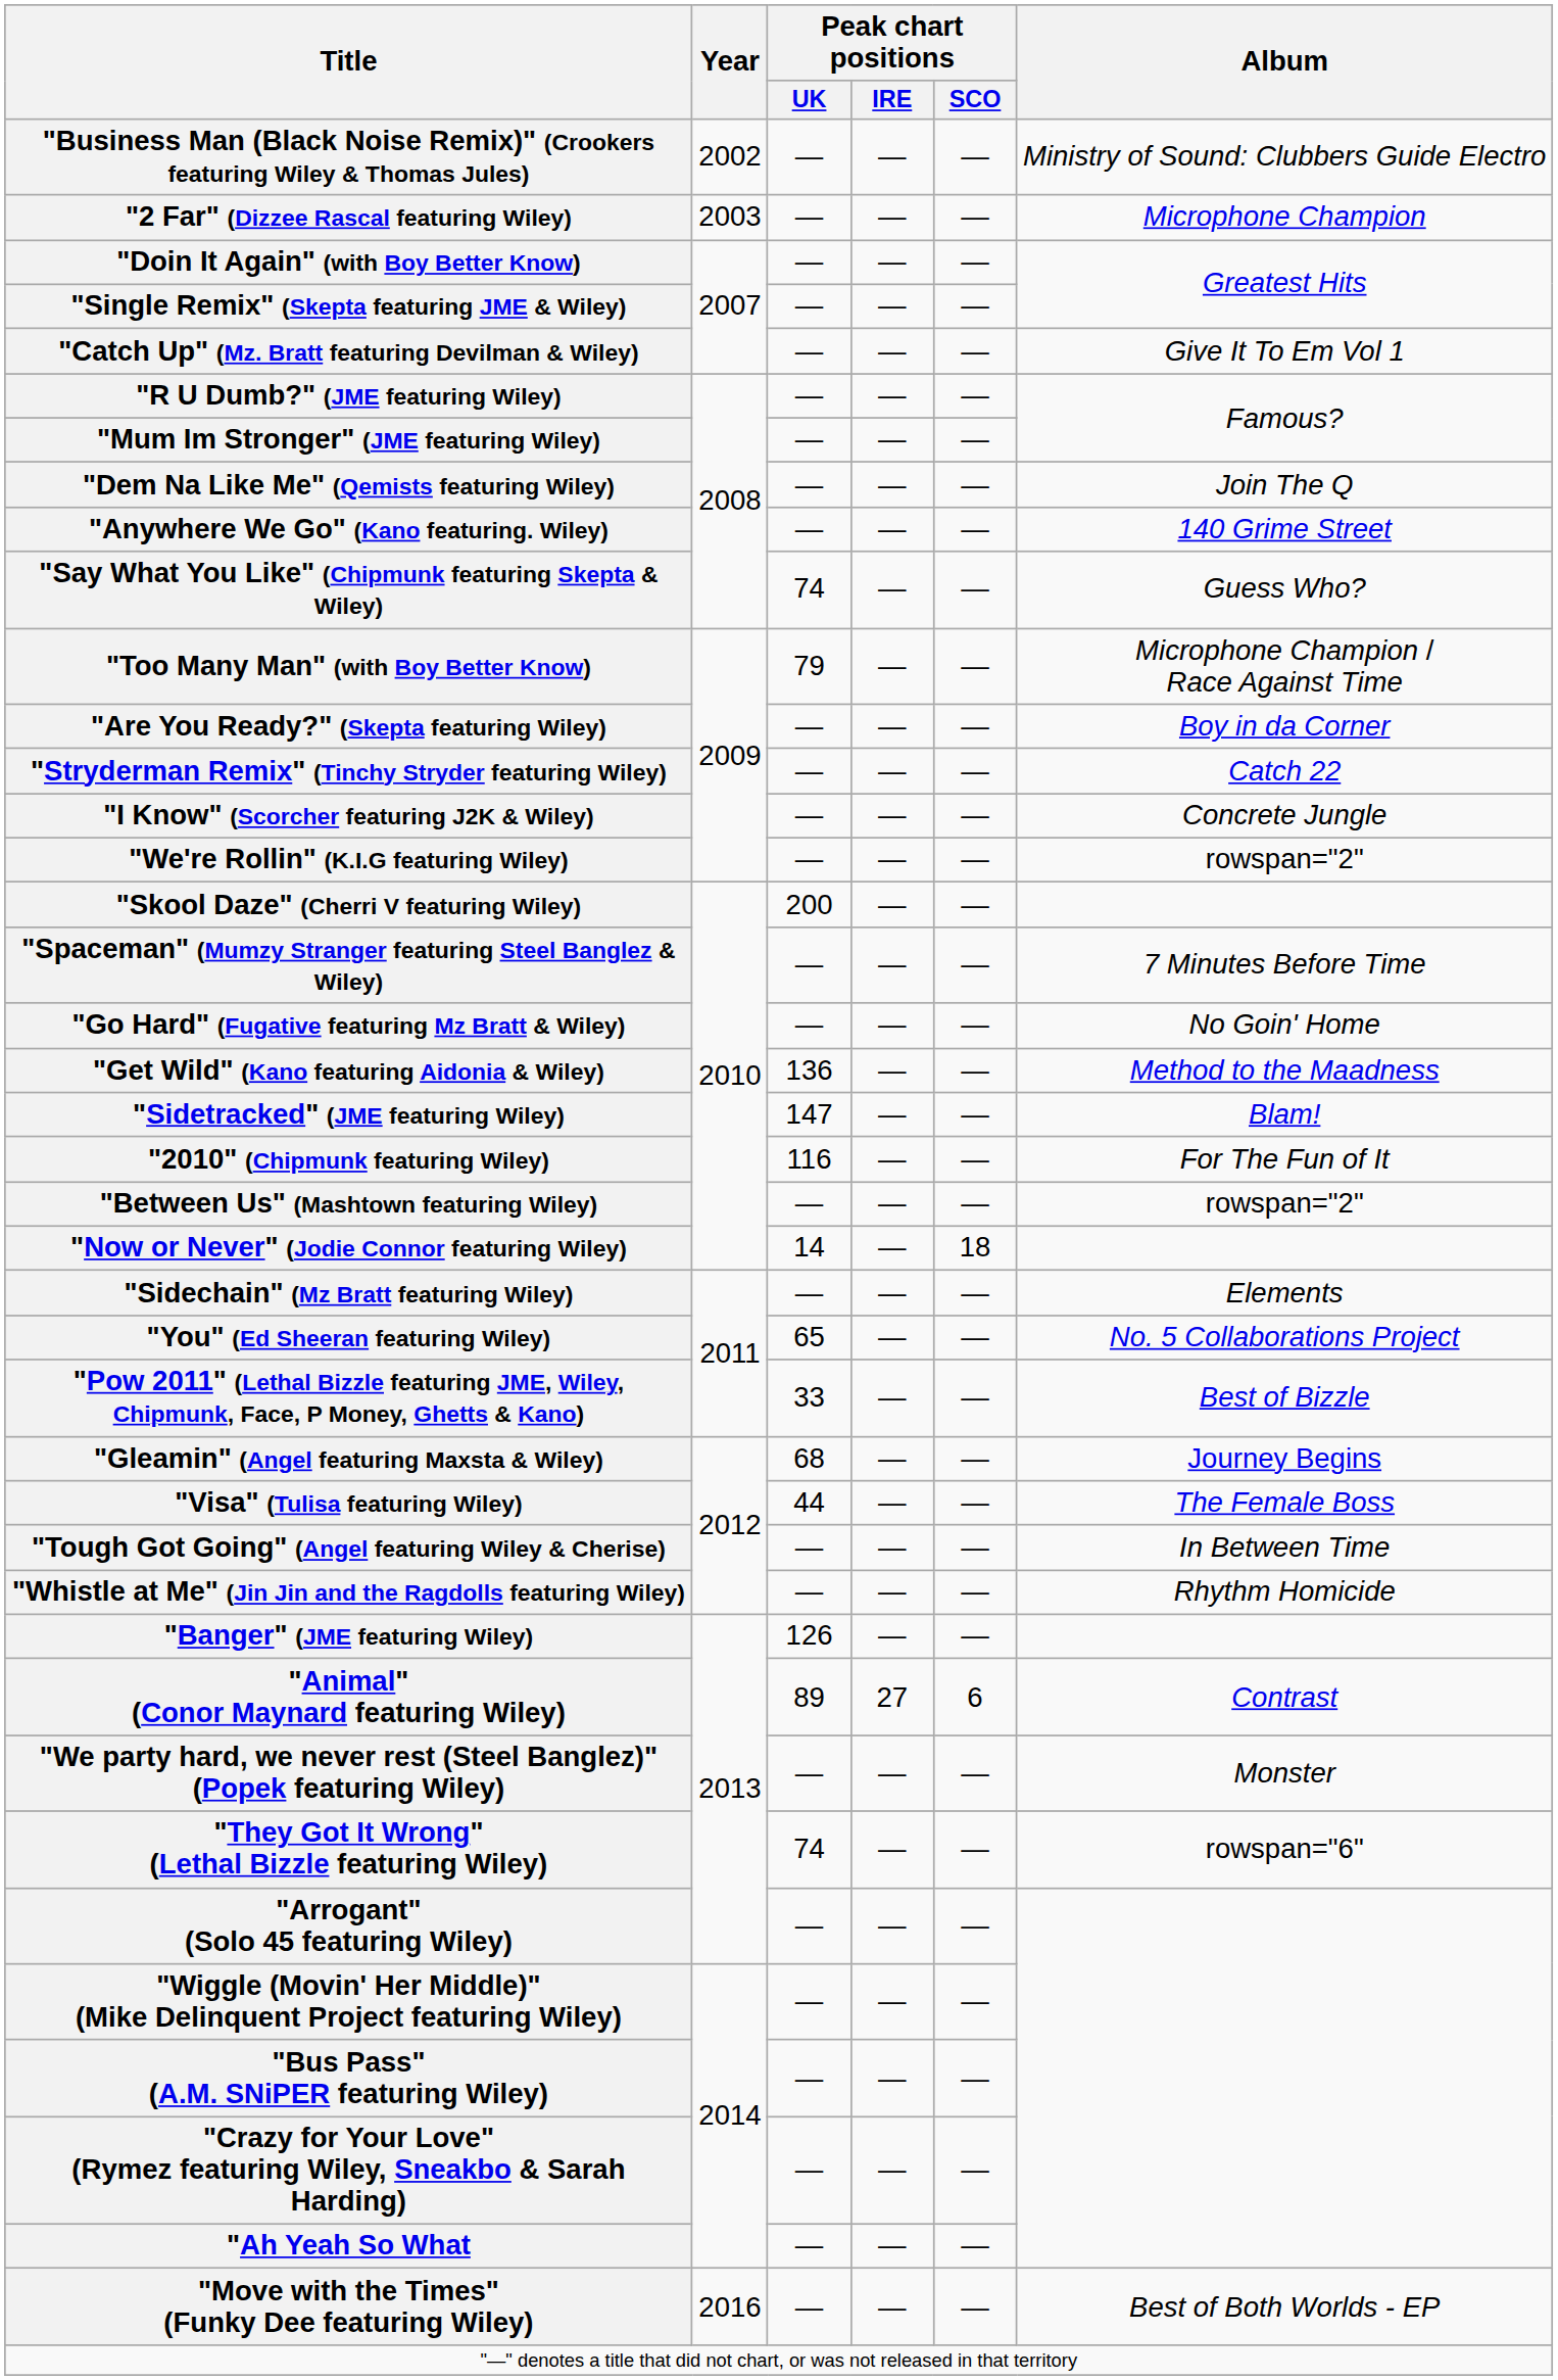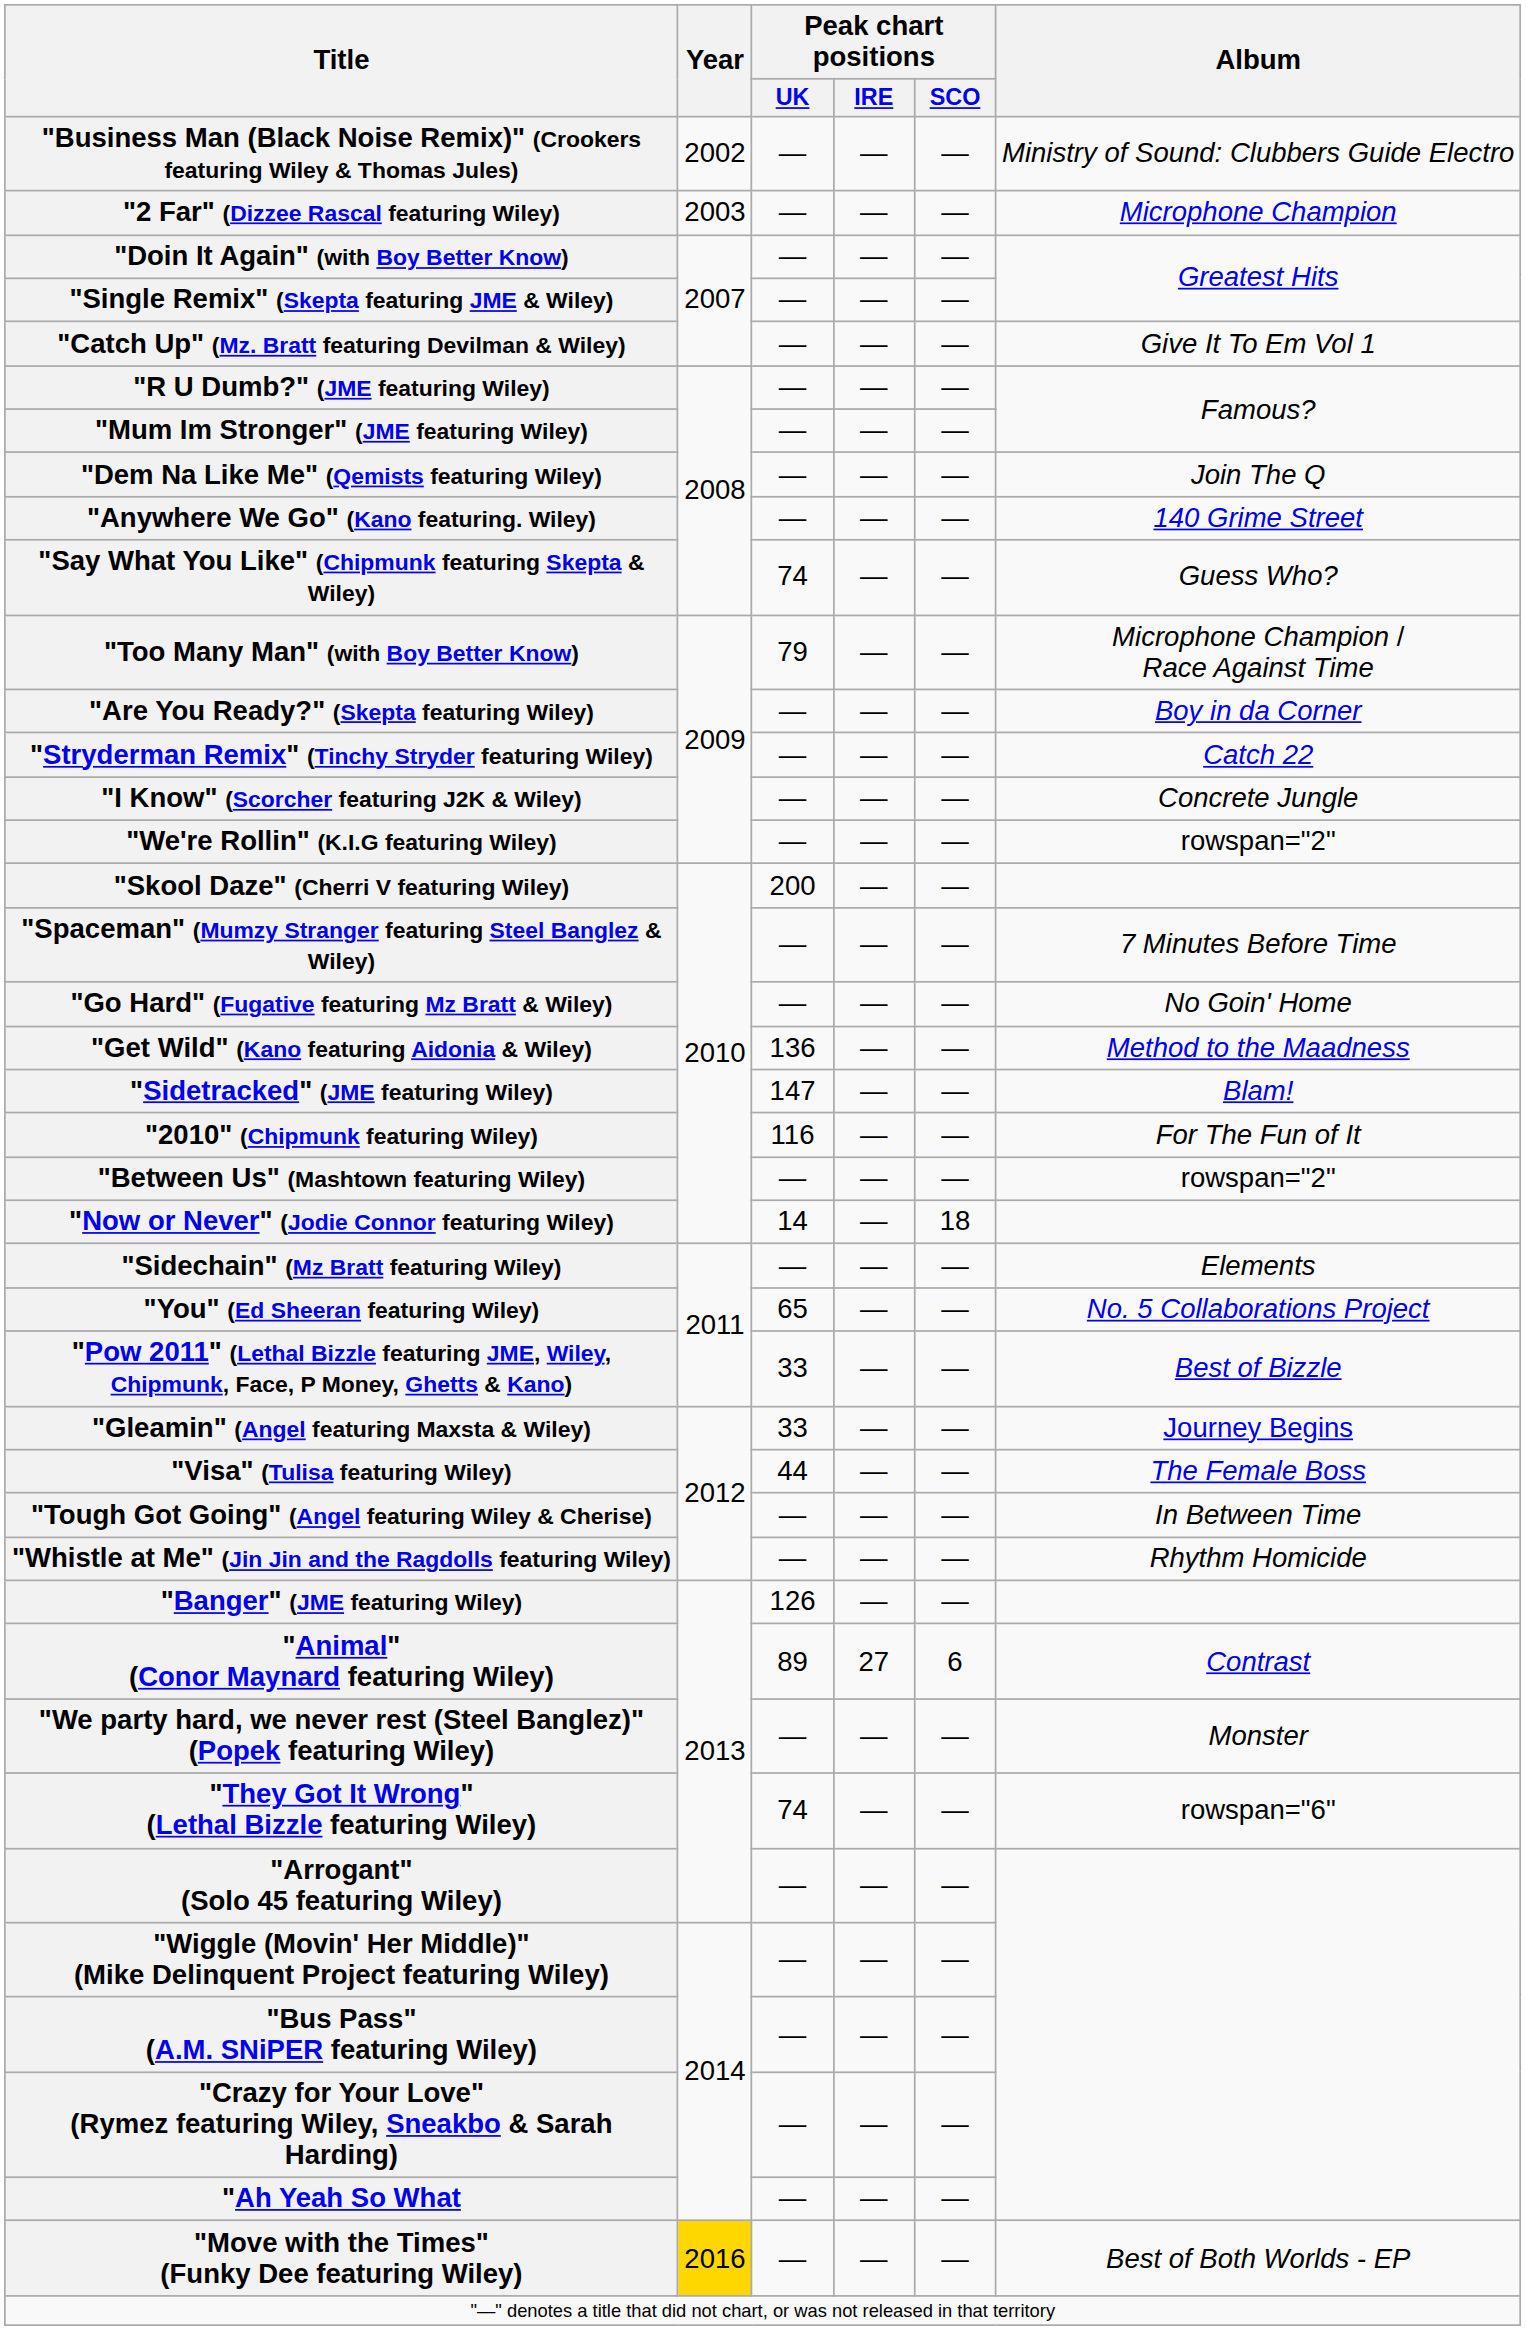 <table class="wikitable plainrowheaders" style="text-align:center;">
 <tr>
 <th scope="col" rowspan="2" style="width:24em;">Title</th>
 <th scope="col" rowspan="2">Year</th>
 <th scope="col" colspan="3">Peak chart positions</th>
 <th scope="col" rowspan="2">Album</th>
 </tr>
 <tr>
 <th scope="col" style="width:3em;font-size:85%;"><a href='#'>UK</a><br></th>
 <th scope="col" style="width:3em;font-size:85%;"><a href='#'>IRE</a><br></th>
 <th scope="col" style="width:3em;font-size:85%;"><a href='#'>SCO</a><br></th>
 </tr>
 <tr>
 <th scope="row">"Business Man (Black Noise Remix)" <small>(Crookers featuring Wiley & Thomas Jules)</small></th>
 <td>2002</td>
 <td>—</td>
 <td>—</td>
 <td>—</td>
 <td><em>Ministry of Sound: Clubbers Guide Electro</em></td>
 </tr>
 <tr>
 <th scope="row">"2 Far" <small>(<a href='#'>Dizzee Rascal</a> featuring Wiley)</small><br></th>
 <td>2003</td>
 <td>—</td>
 <td>—</td>
 <td>—</td>
 <td><em><a href='#'>Microphone Champion</a></em></td>
 </tr>
 <tr>
 <th scope="row">"Doin It Again" <small>(with <a href='#'>Boy Better Know</a>)</small><br></th>
 <td rowspan="3">2007</td>
 <td>—</td>
 <td>—</td>
 <td>—</td>
 <td rowspan="2"><em><a href='#'>Greatest Hits</a></em></td>
 </tr>
 <tr>
 <th scope="row">"Single Remix" <small>(<a href='#'>Skepta</a> featuring <a href='#'>JME</a> & Wiley)</small><br></th>
 <td>—</td>
 <td>—</td>
 <td>—</td>
 </tr>
 <tr>
 <th scope="row">"Catch Up" <small>(<a href='#'>Mz. Bratt</a> featuring Devilman & Wiley)</small><br></th>
 <td>—</td>
 <td>—</td>
 <td>—</td>
 <td><em>Give It To Em Vol 1</em></td>
 </tr>
 <tr>
 <th scope="row">"R U Dumb?" <small>(<a href='#'>JME</a> featuring Wiley)</small><br></th>
 <td rowspan="5">2008</td>
 <td>—</td>
 <td>—</td>
 <td>—</td>
 <td rowspan="2"><em>Famous?</em></td>
 </tr>
 <tr>
 <th scope="row">"Mum Im Stronger" <small>(<a href='#'>JME</a> featuring Wiley)</small><br></th>
 <td>—</td>
 <td>—</td>
 <td>—</td>
 </tr>
 <tr>
 <th scope="row">"Dem Na Like Me" <small>(<a href='#'>Qemists</a> featuring Wiley)</small></th>
 <td>—</td>
 <td>—</td>
 <td>—</td>
 <td><em>Join The Q</em></td>
 </tr>
 <tr>
 <th scope="row">"Anywhere We Go" <small>(<a href='#'>Kano</a> featuring. Wiley)</small><br></th>
 <td>—</td>
 <td>—</td>
 <td>—</td>
 <td><em><a href='#'>140 Grime Street</a></em></td>
 </tr>
 <tr>
 <th scope="row">"Say What You Like" <small>(<a href='#'>Chipmunk</a> featuring <a href='#'>Skepta</a> & Wiley)</small><br></th>
 <td>74</td>
 <td>—</td>
 <td>—</td>
 <td><em>Guess Who?</em></td>
 </tr>
 <tr>
 <th scope="row">"Too Many Man" <small>(with <a href='#'>Boy Better Know</a>)</small></th>
 <td rowspan="5">2009</td>
 <td>79</td>
 <td>—</td>
 <td>—</td>
 <td><em>Microphone Champion</em> / <br><em>Race Against Time</em></td>
 </tr>
 <tr>
 <th scope="row">"Are You Ready?" <small>(<a href='#'>Skepta</a> featuring Wiley)</small><br></th>
 <td>—</td>
 <td>—</td>
 <td>—</td>
 <td><em><a href='#'>Boy in da Corner</a></em></td>
 </tr>
 <tr>
 <th scope="row">"<a href='#'>Stryderman Remix</a>" <small>(<a href='#'>Tinchy Stryder</a> featuring Wiley)</small><br></th>
 <td>—</td>
 <td>—</td>
 <td>—</td>
 <td><em><a href='#'>Catch 22</a></em></td>
 </tr>
 <tr>
 <th scope="row">"I Know" <small>(<a href='#'>Scorcher</a> featuring J2K & Wiley)</small><br></th>
 <td>—</td>
 <td>—</td>
 <td>—</td>
 <td><em>Concrete Jungle</em></td>
 </tr>
 <tr>
 <th scope="row">"We're Rollin" <small>(K.I.G featuring Wiley)</small><br></th>
 <td>—</td>
 <td>—</td>
 <td>—</td>
 <td>rowspan="2" </td>
 </tr>
 <tr>
 <th scope="row">"Skool Daze" <small>(Cherri V featuring Wiley)</small><br></th>
 <td rowspan="8">2010</td>
 <td>200</td>
 <td>—</td>
 <td>—</td>
 </tr>
 <tr>
 <th scope="row">"Spaceman" <small>(<a href='#'>Mumzy Stranger</a> featuring <a href='#'>Steel Banglez</a> & Wiley)</small><br></th>
 <td>—</td>
 <td>—</td>
 <td>—</td>
 <td><em>7 Minutes Before Time</em></td>
 </tr>
 <tr>
 <th scope="row">"Go Hard" <small>(<a href='#'>Fugative</a> featuring <a href='#'>Mz Bratt</a> & Wiley)</small><br></th>
 <td>—</td>
 <td>—</td>
 <td>—</td>
 <td><em>No Goin' Home</em></td>
 </tr>
 <tr>
 <th scope="row">"Get Wild" <small>(<a href='#'>Kano</a> featuring <a href='#'>Aidonia</a> & Wiley)</small><br></th>
 <td>136</td>
 <td>—</td>
 <td>—</td>
 <td><em><a href='#'>Method to the Maadness</a></em></td>
 </tr>
 <tr>
 <th scope="row">"<a href='#'>Sidetracked</a>" <small>(<a href='#'>JME</a> featuring Wiley)</small><br></th>
 <td>147</td>
 <td>—</td>
 <td>—</td>
 <td><em><a href='#'>Blam!</a></em></td>
 </tr>
 <tr>
 <th scope="row">"2010" <small>(<a href='#'>Chipmunk</a> featuring Wiley)</small><br></th>
 <td>116</td>
 <td>—</td>
 <td>—</td>
 <td><em>For The Fun of It</em></td>
 </tr>
 <tr>
 <th scope="row">"Between Us" <small>(Mashtown featuring Wiley)</small><br></th>
 <td>—</td>
 <td>—</td>
 <td>—</td>
 <td>rowspan="2" </td>
 </tr>
 <tr>
 <th scope="row">"<a href='#'>Now or Never</a>" <small>(<a href='#'>Jodie Connor</a> featuring Wiley)</small></th>
 <td>14</td>
 <td>—</td>
 <td>18</td>
 </tr>
 <tr>
 <th scope="row">"Sidechain" <small>(<a href='#'>Mz Bratt</a> featuring Wiley)</small></th>
 <td rowspan="3">2011</td>
 <td>—</td>
 <td>—</td>
 <td>—</td>
 <td><em>Elements</em></td>
 </tr>
 <tr>
 <th scope="row">"You" <small>(<a href='#'>Ed Sheeran</a> featuring Wiley)</small></th>
 <td>65</td>
 <td>—</td>
 <td>—</td>
 <td><em><a href='#'>No. 5 Collaborations Project</a></em></td>
 </tr>
 <tr>
 <th scope="row">"<a href='#'>Pow 2011</a>" <small>(<a href='#'>Lethal Bizzle</a> featuring <a href='#'>JME</a>, <a href='#'>Wiley</a>, <a href='#'>Chipmunk</a>, Face, P Money, <a href='#'>Ghetts</a> & <a href='#'>Kano</a>)</small></th>
 <td>33</td>
 <td>—</td>
 <td>—</td>
 <td><em><a href='#'>Best of Bizzle</a></em></td>
 </tr>
 <tr>
 <th scope="row">"Gleamin" <small>(<a href='#'>Angel</a> featuring Maxsta & Wiley)</small></th>
 <td rowspan="4">2012</td>
-<td>68</td>
+<td>33</td>
 <td>—</td>
 <td>—</td>
 <td><a href='#'>Journey Begins</a></td>
 </tr>
 <tr>
 <th scope="row">"Visa" <small>(<a href='#'>Tulisa</a> featuring Wiley)</small></th>
 <td>44</td>
 <td>—</td>
 <td>—</td>
 <td><em><a href='#'>The Female Boss</a></em></td>
 </tr>
 <tr>
 <th scope="row">"Tough Got Going" <small>(<a href='#'>Angel</a> featuring Wiley & Cherise)</small></th>
 <td>—</td>
 <td>—</td>
 <td>—</td>
 <td><em>In Between Time</em></td>
 </tr>
 <tr>
 <th scope="row">"Whistle at Me" <small>(<a href='#'>Jin Jin and the Ragdolls</a> featuring Wiley)</small></th>
 <td>—</td>
 <td>—</td>
 <td>—</td>
 <td><em>Rhythm Homicide</em></td>
 </tr>
 <tr>
 <th scope="row">"<a href='#'>Banger</a>" <small>(<a href='#'>JME</a> featuring Wiley)</small></th>
 <td rowspan="5">2013</td>
 <td>126</td>
 <td>—</td>
 <td>—</td>
 <td></td>
 </tr>
 <tr>
 <th scope="row">"<a href='#'>Animal</a>"<br><span>(<a href='#'>Conor Maynard</a> featuring Wiley)</span></th>
 <td>89</td>
 <td>27</td>
 <td>6</td>
 <td><em><a href='#'>Contrast</a></em></td>
 </tr>
 <tr>
 <th scope="row">"We party hard, we never rest (Steel Banglez)"<br><span>(<a href='#'>Popek</a> featuring Wiley)</span></th>
 <td>—</td>
 <td>—</td>
 <td>—</td>
 <td><em>Monster</em></td>
 </tr>
 <tr>
 <th scope="row">"<a href='#'>They Got It Wrong</a>"<br><span>(<a href='#'>Lethal Bizzle</a> featuring Wiley)</span></th>
 <td>74</td>
 <td>—</td>
 <td>—</td>
 <td>rowspan="6" </td>
 </tr>
 <tr>
 <th scope="row">"Arrogant"<br><span>(Solo 45 featuring Wiley)</span></th>
 <td>—</td>
 <td>—</td>
 <td>—</td>
 </tr>
 <tr>
 <th scope="row">"Wiggle (Movin' Her Middle)"<br><span>(Mike Delinquent Project featuring Wiley)</span></th>
 <td rowspan="4">2014</td>
 <td>—</td>
 <td>—</td>
 <td>—</td>
 </tr>
 <tr>
 <th scope="row">"Bus Pass"<br><span>(<a href='#'>A.M. SNiPER</a> featuring Wiley)</span></th>
 <td>—</td>
 <td>—</td>
 <td>—</td>
 </tr>
 <tr>
 <th scope="row">"Crazy for Your Love"<br><span>(Rymez featuring Wiley, <a href='#'>Sneakbo</a> & Sarah Harding)</span></th>
 <td>—</td>
 <td>—</td>
 <td>—</td>
 </tr>
 <tr>
 <th scope="row">"<a href='#'>Ah Yeah So What</a></th>
 <td>—</td>
 <td>—</td>
 <td>—</td>
 </tr>
 <tr>
 <th scope="row">"Move with the Times"<br><span>(Funky Dee featuring Wiley)</span></th>
-<td rowspan="1">2016</td>
+<td rowspan="1" style="background: gold;">2016</td>
 <td>—</td>
 <td>—</td>
 <td>—</td>
 <td><em>Best of Both Worlds - EP</em></td>
 </tr>
 <tr>
 <td colspan="10" style="font-size:8pt">"—" denotes a title that did not chart, or was not released in that territory</td>
 </tr>
 </table>
